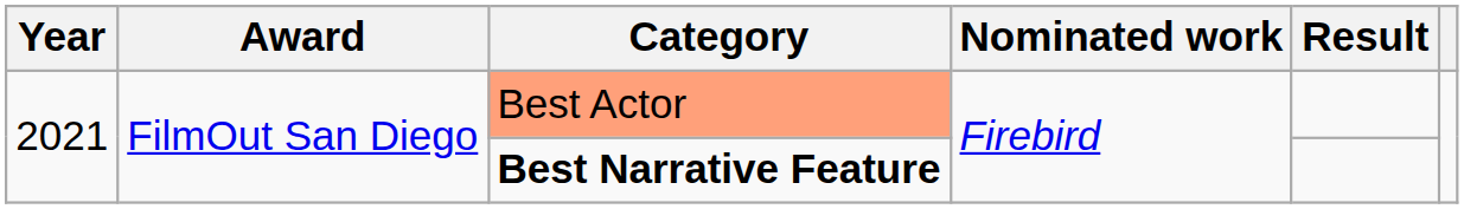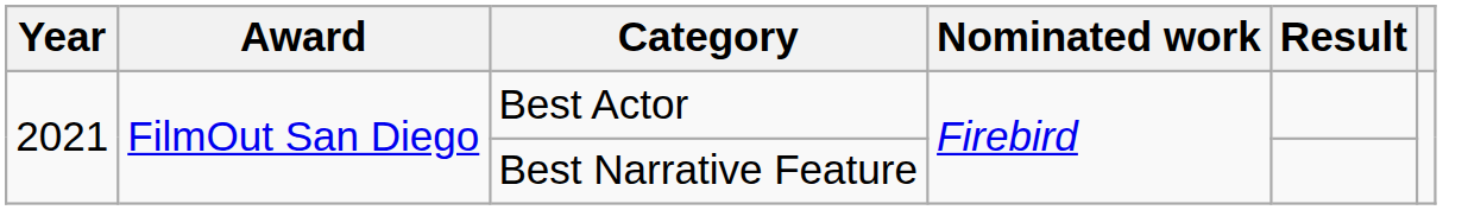 <table class="wikitable">
 <tr>
 <th>Year</th>
 <th>Award</th>
 <th>Category</th>
 <th>Nominated work</th>
 <th>Result</th>
 <th></th>
 </tr>
 <tr>
 <td rowspan="2">2021</td>
 <td rowspan="2"><a href='#'>FilmOut San Diego</a></td>
-<td style="background: lightsalmon;">Best Actor</td>
+<td>Best Actor</td>
 <td rowspan="2"><em><a href='#'>Firebird</a></em></td>
 <td></td>
 <td rowspan="2"></td>
 </tr>
 <tr>
-<td><strong>Best Narrative Feature</strong></td>
+<td>Best Narrative Feature</td>
 <td></td>
 </tr>
 </table>
